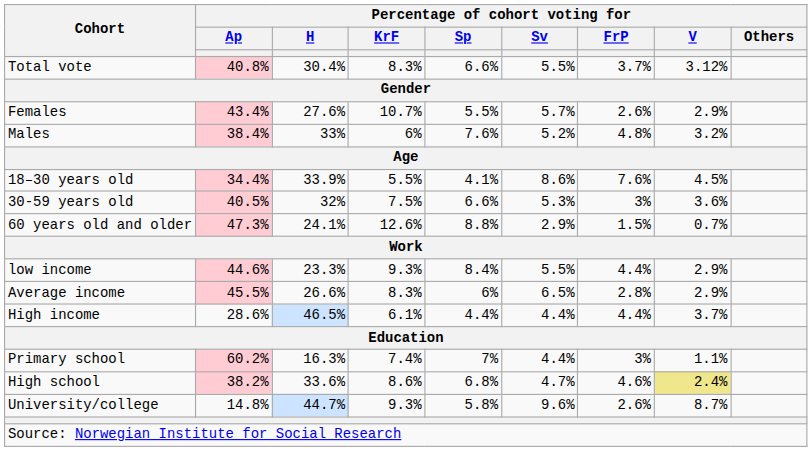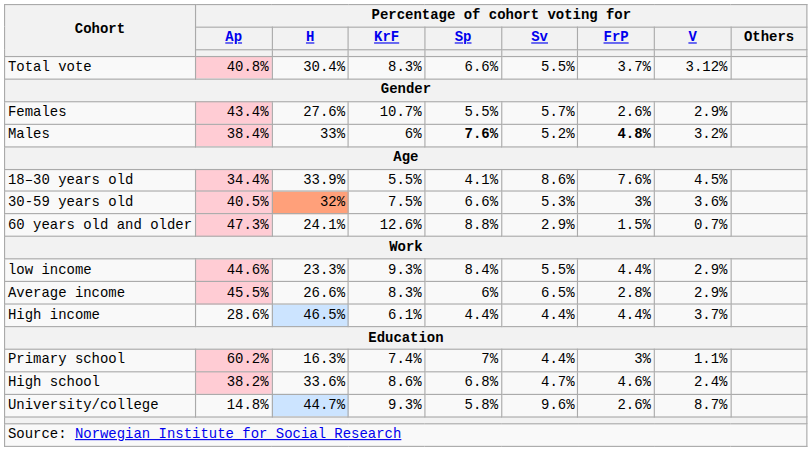 <table class="wikitable" style="text-align:right; font-size:95%;">
 <tr>
 <th rowspan="3">Cohort</th>
 <th colspan="8">Percentage of cohort voting for</th>
 </tr>
 <tr>
 <th scope="col" style="width:5em;"><a href='#'>Ap</a></th>
 <th scope="col" style="width:5em;"><a href='#'>H</a></th>
 <th scope="col" style="width:5em;"><a href='#'>KrF</a></th>
 <th scope="col" style="width:5em;"><a href='#'>Sp</a></th>
 <th scope="col" style="width:5em;"><a href='#'>Sv</a></th>
 <th scope="col" style="width:5em;"><a href='#'>FrP</a></th>
 <th scope="col" style="width:5em;"><a href='#'>V</a></th>
 <th scope="col" style="width:5em;">Others</th>
 </tr>
 <tr>
 <th style="background:"></th>
 <th style="background:"></th>
 <th style="background:"></th>
 <th style="background:"></th>
 <th style="background:"></th>
 <th style="background:"></th>
 <th style="background:"></th>
 <th style="background:"></th>
 </tr>
 <tr>
 <td align=left>Total vote</td>
 <td style="background:#ffccd4;">40.8%</td>
 <td>30.4%</td>
 <td>8.3%</td>
 <td>6.6%</td>
 <td>5.5%</td>
 <td>3.7%</td>
 <td>3.12%</td>
 <td></td>
 </tr>
 <tr>
 <th colspan="9">Gender</th>
 </tr>
 <tr>
 <td align=left>Females</td>
 <td style="background:#ffccd4;">43.4%</td>
 <td>27.6%</td>
 <td>10.7%</td>
 <td>5.5%</td>
 <td>5.7%</td>
 <td>2.6%</td>
 <td>2.9%</td>
 <td></td>
 </tr>
 <tr>
 <td align=left>Males</td>
 <td style="background:#ffccd4;">38.4%</td>
 <td>33%</td>
 <td>6%</td>
-<td>7.6%</td>
+<td><strong>7.6%</strong></td>
 <td>5.2%</td>
-<td>4.8%</td>
+<td><strong>4.8%</strong></td>
 <td>3.2%</td>
 <td></td>
 </tr>
 <tr>
 <th colspan="9">Age</th>
 </tr>
 <tr>
 <td align=left>18–30 years old</td>
 <td style="background:#ffccd4;">34.4%</td>
 <td>33.9%</td>
 <td>5.5%</td>
 <td>4.1%</td>
 <td>8.6%</td>
 <td>7.6%</td>
 <td>4.5%</td>
 <td></td>
 </tr>
 <tr>
 <td align=left>30-59 years old</td>
 <td style="background:#ffccd4;">40.5%</td>
-<td>32%</td>
+<td style="background: lightsalmon;">32%</td>
 <td>7.5%</td>
 <td>6.6%</td>
 <td>5.3%</td>
 <td>3%</td>
 <td>3.6%</td>
 <td></td>
 </tr>
 <tr>
 <td align=left>60 years old and older</td>
 <td style="background:#ffccd4;">47.3%</td>
 <td>24.1%</td>
 <td>12.6%</td>
 <td>8.8%</td>
 <td>2.9%</td>
 <td>1.5%</td>
 <td>0.7%</td>
 <td></td>
 </tr>
 <tr>
 <th colspan="9">Work</th>
 </tr>
 <tr>
 <td align=left>low income</td>
 <td style="background:#ffccd4;">44.6%</td>
 <td>23.3%</td>
 <td>9.3%</td>
 <td>8.4%</td>
 <td>5.5%</td>
 <td>4.4%</td>
 <td>2.9%</td>
 <td></td>
 </tr>
 <tr>
 <td align=left>Average income</td>
 <td style="background:#ffccd4;">45.5%</td>
 <td>26.6%</td>
 <td>8.3%</td>
 <td>6%</td>
 <td>6.5%</td>
 <td>2.8%</td>
 <td>2.9%</td>
 <td></td>
 </tr>
 <tr>
 <td align=left>High income</td>
 <td>28.6%</td>
 <td style="background:#cce4ff;">46.5%</td>
 <td>6.1%</td>
 <td>4.4%</td>
 <td>4.4%</td>
 <td>4.4%</td>
 <td>3.7%</td>
 <td></td>
 </tr>
 <tr>
 <th colspan="9">Education</th>
 </tr>
 <tr>
 <td align=left>Primary school</td>
 <td style="background:#ffccd4;">60.2%</td>
 <td>16.3%</td>
 <td>7.4%</td>
 <td>7%</td>
 <td>4.4%</td>
 <td>3%</td>
 <td>1.1%</td>
 <td></td>
 </tr>
 <tr>
 <td align=left>High school</td>
 <td style="background:#ffccd4;">38.2%</td>
 <td>33.6%</td>
 <td>8.6%</td>
 <td>6.8%</td>
 <td>4.7%</td>
 <td>4.6%</td>
-<td style="background: khaki;">2.4%</td>
+<td>2.4%</td>
 <td></td>
 </tr>
 <tr>
 <td align=left>University/college</td>
 <td>14.8%</td>
 <td style="background:#cce4ff;">44.7%</td>
 <td>9.3%</td>
 <td>5.8%</td>
 <td>9.6%</td>
 <td>2.6%</td>
 <td>8.7%</td>
 <td></td>
 </tr>
 <tr>
 <th colspan="11!"></th>
 </tr>
 <tr>
 <td align=left colspan="9">Source: <a href='#'>Norwegian Institute for Social Research</a></td>
 </tr>
 </table>
